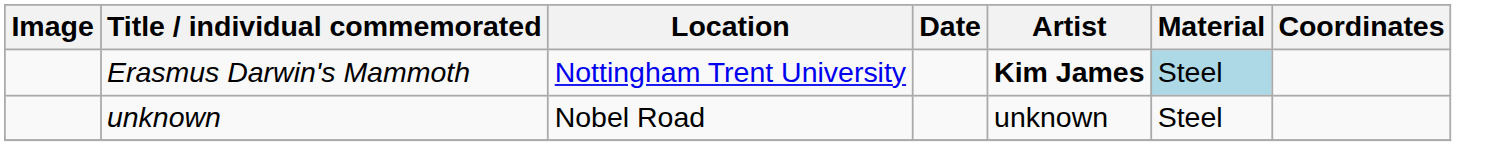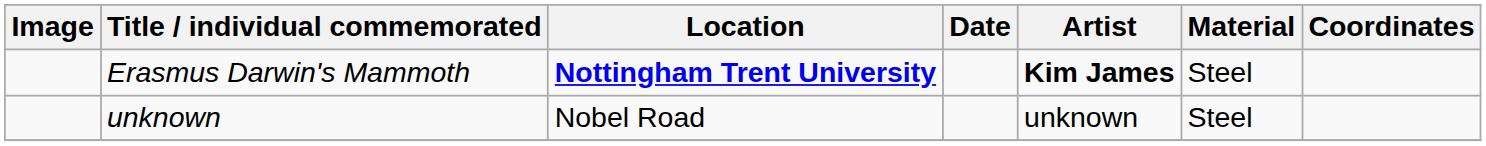 <table class="wikitable sortable">
 <tr>
 <th class="unsortable">Image</th>
 <th>Title / individual commemorated</th>
 <th>Location</th>
 <th>Date</th>
 <th>Artist</th>
 <th>Material</th>
 <th>Coordinates</th>
 </tr>
 <tr>
 <td></td>
 <td><em>Erasmus Darwin's Mammoth</em></td>
-<td><a href='#'>Nottingham Trent University</a></td>
+<td><strong><a href='#'>Nottingham Trent University</a></strong></td>
 <td></td>
 <td><strong>Kim James</strong></td>
-<td style="background: lightblue;">Steel</td>
+<td>Steel</td>
 <td></td>
 </tr>
 <tr>
 <td></td>
 <td><em>unknown</em></td>
 <td>Nobel Road</td>
 <td></td>
 <td>unknown</td>
 <td>Steel</td>
 <td></td>
 </tr>
 <tr>
 </tr>
 </table>
